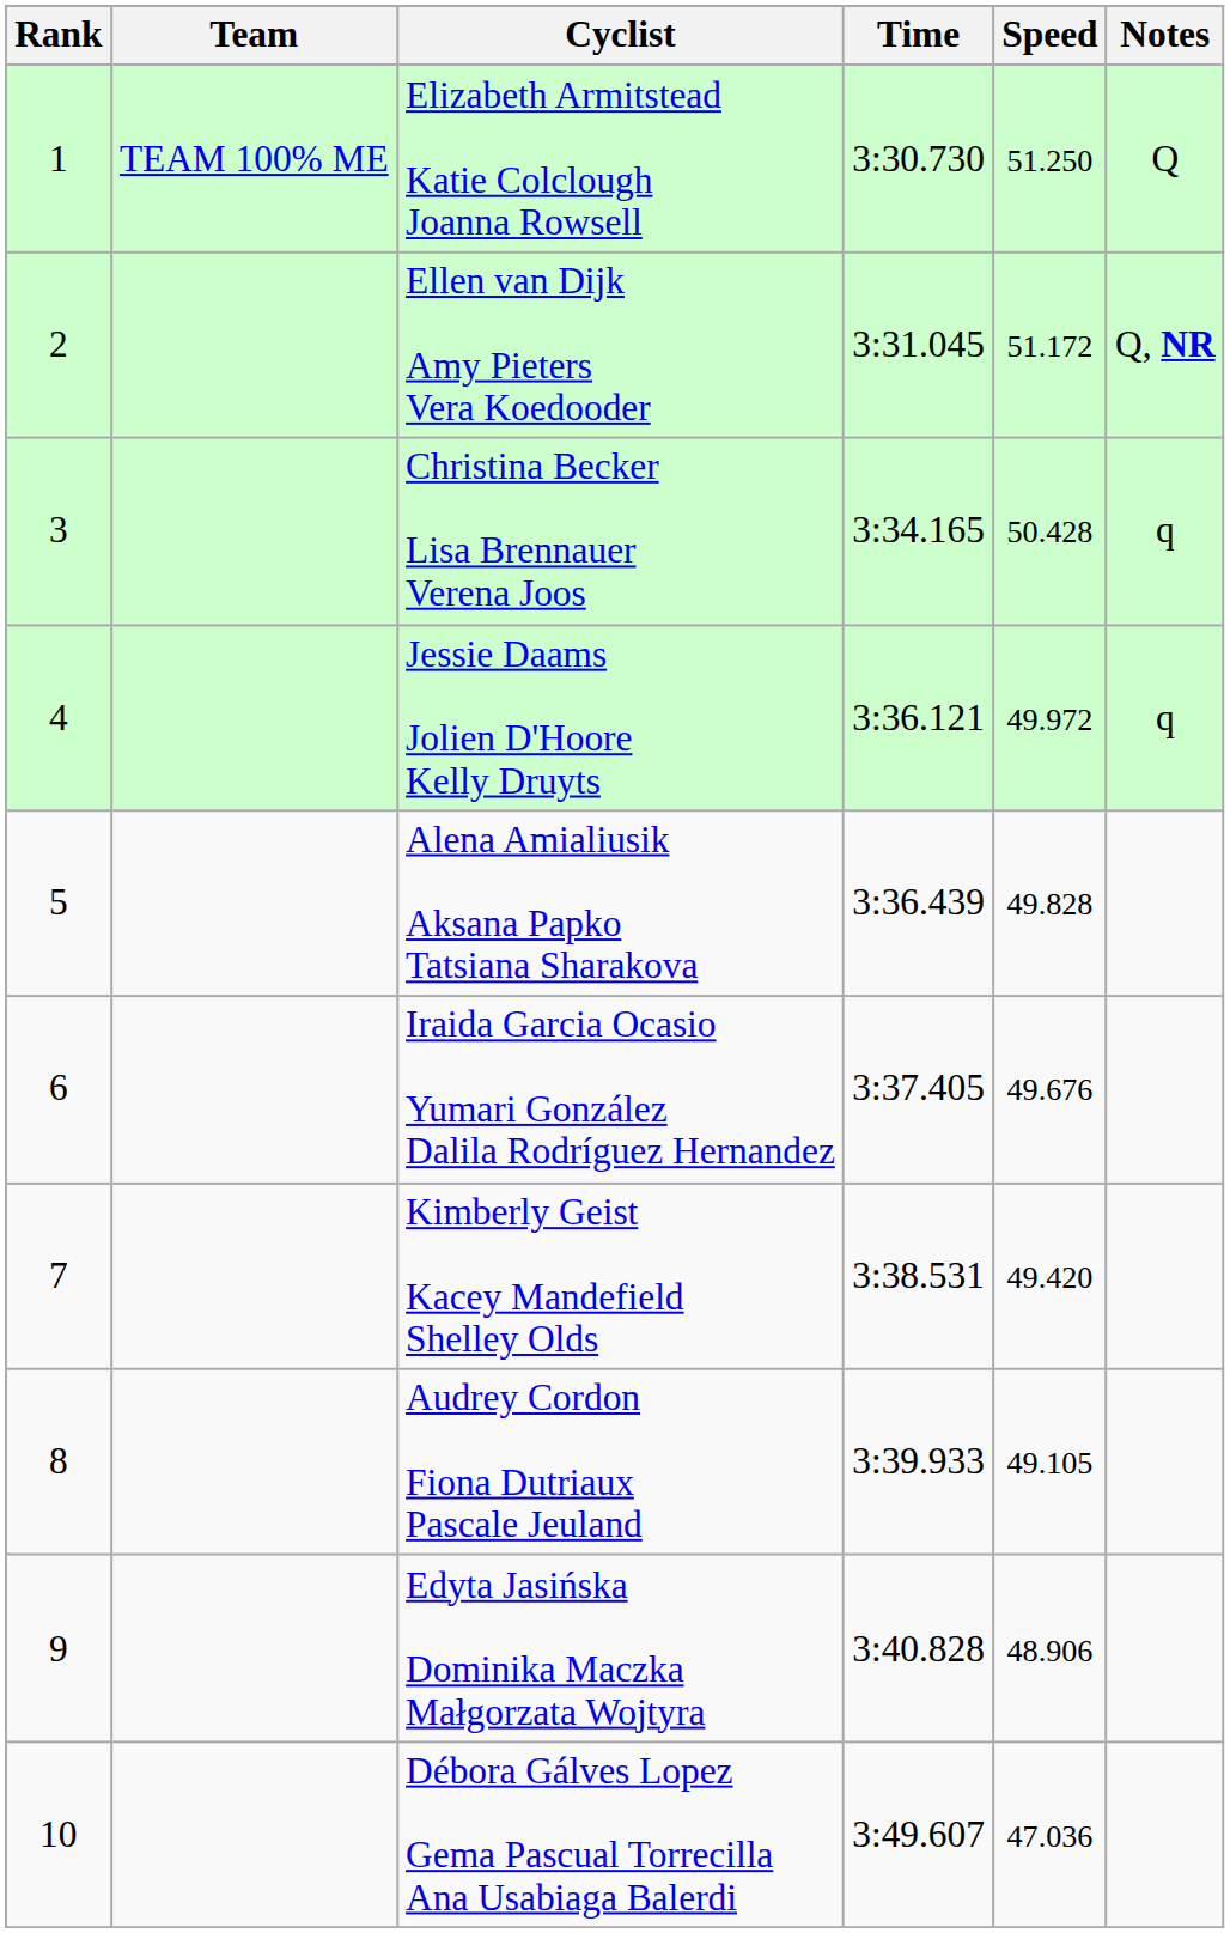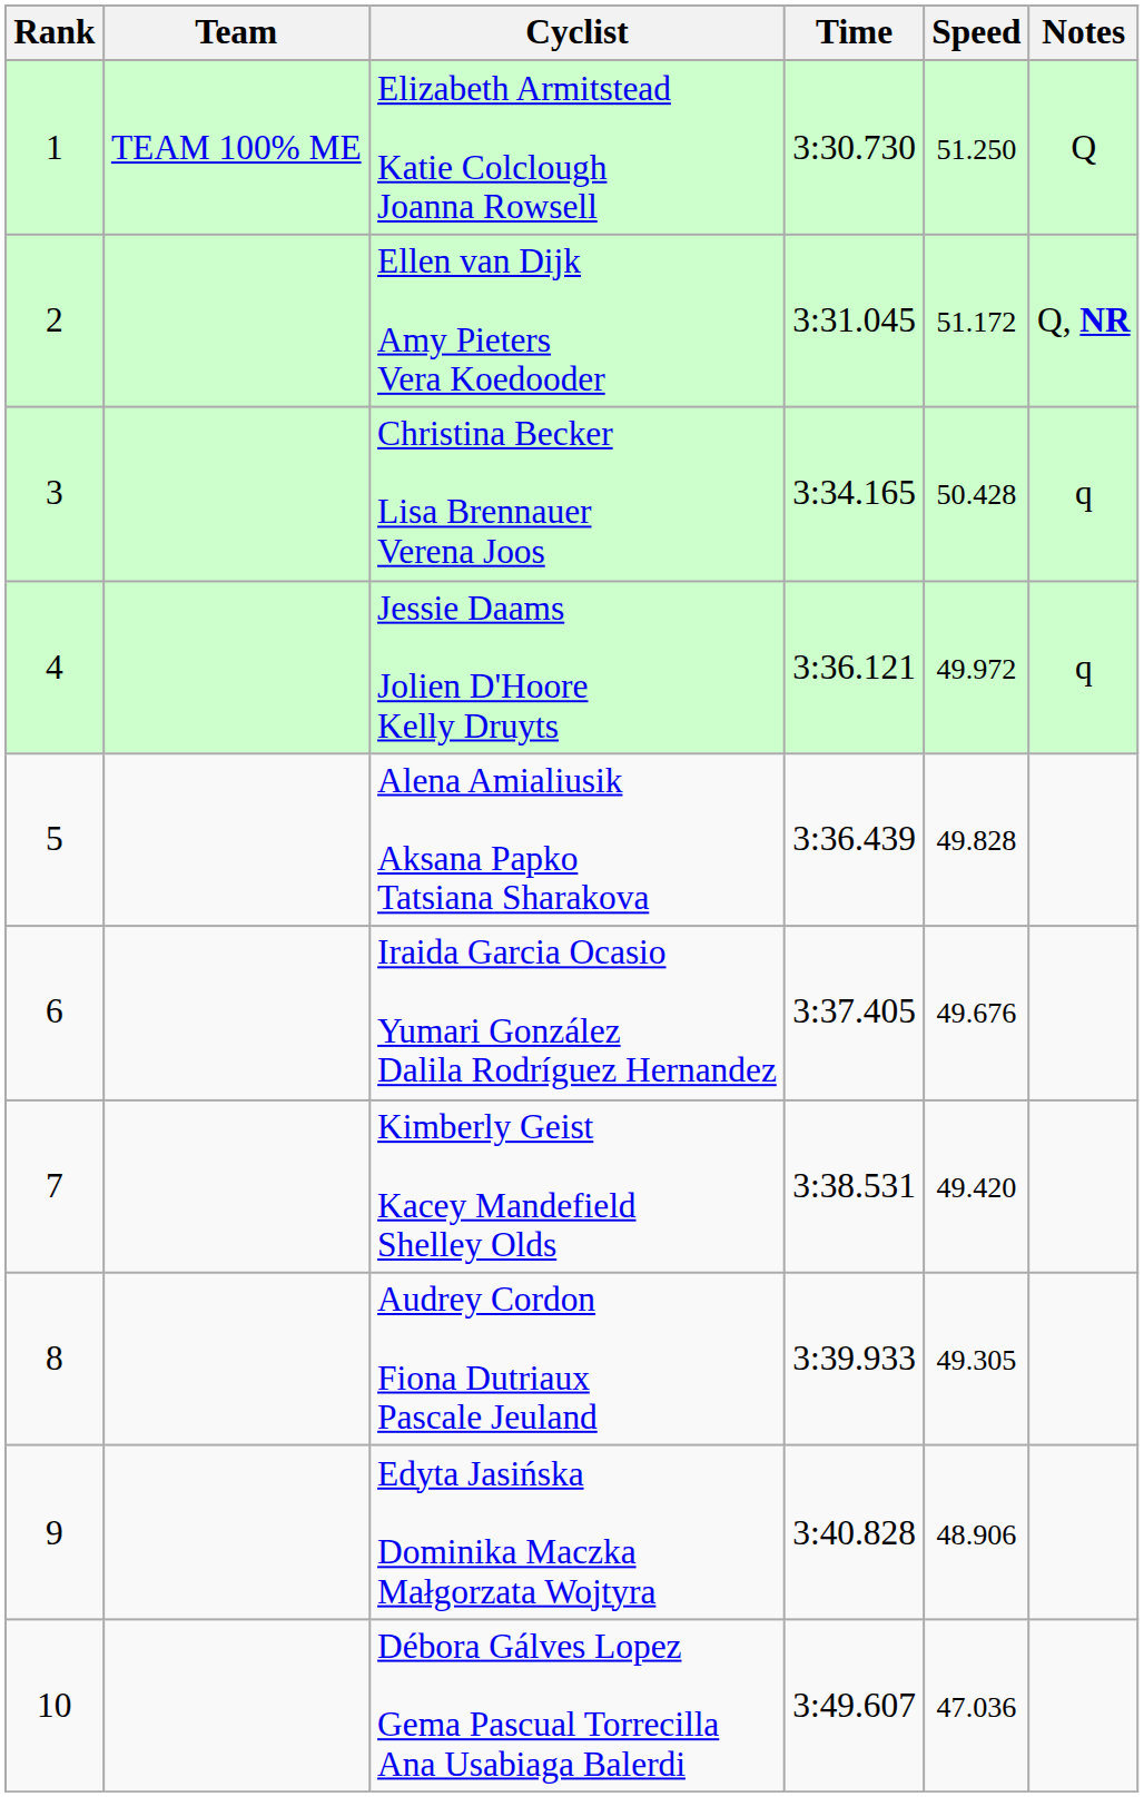 <table class="wikitable sortable" style="text-align:center;">
 <tr>
 <th>Rank</th>
 <th>Team</th>
 <th class="unsortable">Cyclist</th>
 <th>Time</th>
 <th>Speed</th>
 <th class="unsortable">Notes</th>
 </tr>
 <tr bgcolor=ccffcc>
 <td align=center>1</td>
 <td align=left><a href='#'>TEAM 100% ME</a></td>
 <td align=left><a href='#'>Elizabeth Armitstead</a> <br><br><a href='#'>Katie Colclough</a> <br> <a href='#'>Joanna Rowsell</a></td>
 <td>3:30.730</td>
 <td><small>51.250</small></td>
 <td>Q</td>
 </tr>
 <tr bgcolor=ccffcc>
 <td align=center>2</td>
 <td align=left></td>
 <td align=left><a href='#'>Ellen van Dijk</a> <br><br><a href='#'>Amy Pieters</a> <br> <a href='#'>Vera Koedooder</a></td>
 <td>3:31.045</td>
 <td><small>51.172</small></td>
 <td>Q, <strong><a href='#'>NR</a></strong></td>
 </tr>
 <tr bgcolor=ccffcc>
 <td align=center>3</td>
 <td align=left></td>
 <td align=left><a href='#'>Christina Becker</a> <br><br><a href='#'>Lisa Brennauer</a> <br> <a href='#'>Verena Joos</a></td>
 <td>3:34.165</td>
 <td><small>50.428</small></td>
 <td>q</td>
 </tr>
 <tr bgcolor=ccffcc>
 <td align=center>4</td>
 <td align=left></td>
 <td align=left><a href='#'>Jessie Daams</a> <br><br><a href='#'>Jolien D'Hoore</a> <br> <a href='#'>Kelly Druyts</a></td>
 <td>3:36.121</td>
 <td><small>49.972</small></td>
 <td>q</td>
 </tr>
 <tr>
 <td align=center>5</td>
 <td align=left></td>
 <td align=left><a href='#'>Alena Amialiusik</a> <br><br><a href='#'>Aksana Papko</a> <br> <a href='#'>Tatsiana Sharakova</a></td>
 <td>3:36.439</td>
 <td><small>49.828</small></td>
 <td></td>
 </tr>
 <tr>
 <td align=center>6</td>
 <td align=left></td>
 <td align=left><a href='#'>Iraida Garcia Ocasio</a> <br><br><a href='#'>Yumari González</a> <br> <a href='#'>Dalila Rodríguez Hernandez</a></td>
 <td>3:37.405</td>
 <td><small>49.676</small></td>
 <td></td>
 </tr>
 <tr>
 <td align=center>7</td>
 <td align=left></td>
 <td align=left><a href='#'>Kimberly Geist</a> <br><br><a href='#'>Kacey Mandefield</a> <br> <a href='#'>Shelley Olds</a></td>
 <td>3:38.531</td>
 <td><small>49.420</small></td>
 <td></td>
 </tr>
 <tr>
 <td align=center>8</td>
 <td align=left></td>
 <td align=left><a href='#'>Audrey Cordon</a> <br><br><a href='#'>Fiona Dutriaux</a> <br> <a href='#'>Pascale Jeuland</a></td>
 <td>3:39.933</td>
-<td><small>49.105</small></td>
+<td><small>49.305</small></td>
 <td></td>
 </tr>
 <tr>
 <td align=center>9</td>
 <td align=left></td>
 <td align=left><a href='#'>Edyta Jasińska</a> <br><br><a href='#'>Dominika Maczka</a> <br> <a href='#'>Małgorzata Wojtyra</a></td>
 <td>3:40.828</td>
 <td><small>48.906</small></td>
 <td></td>
 </tr>
 <tr>
 <td align=center>10</td>
 <td align=left></td>
 <td align=left><a href='#'>Débora Gálves Lopez</a> <br><br><a href='#'>Gema Pascual Torrecilla</a> <br> <a href='#'>Ana Usabiaga Balerdi</a></td>
 <td>3:49.607</td>
 <td><small>47.036</small></td>
 <td></td>
 </tr>
 </table>
